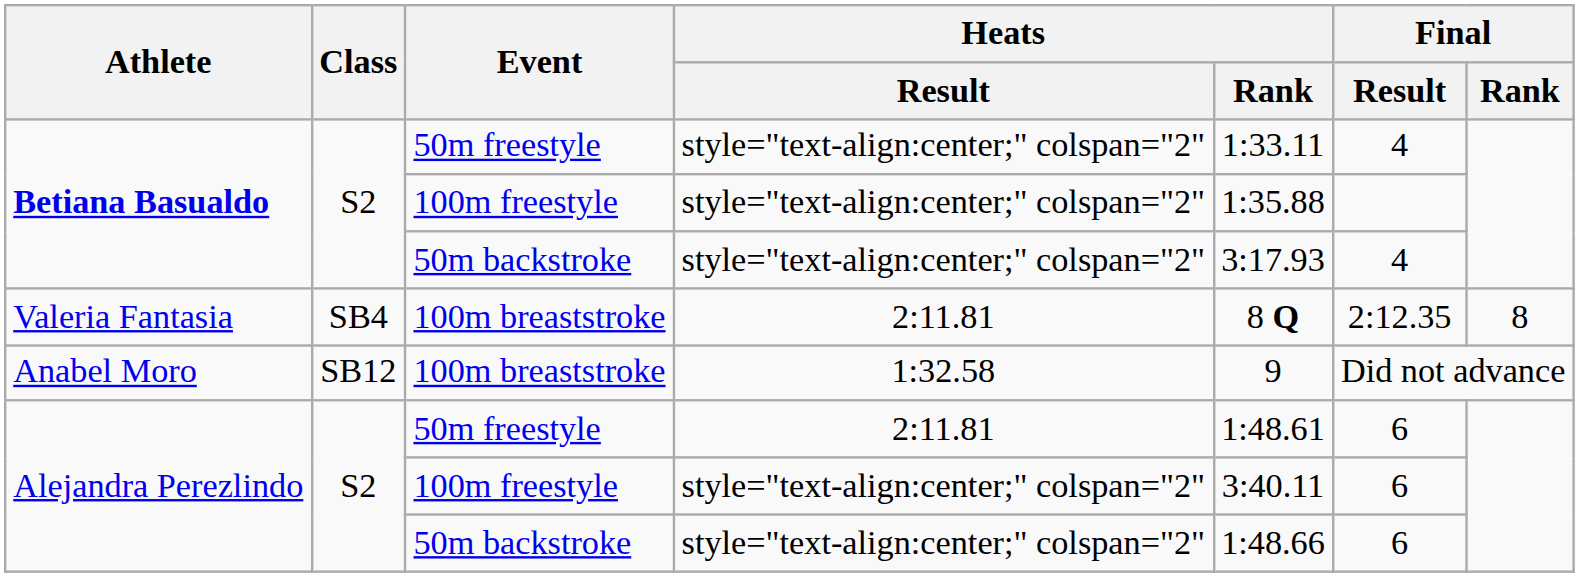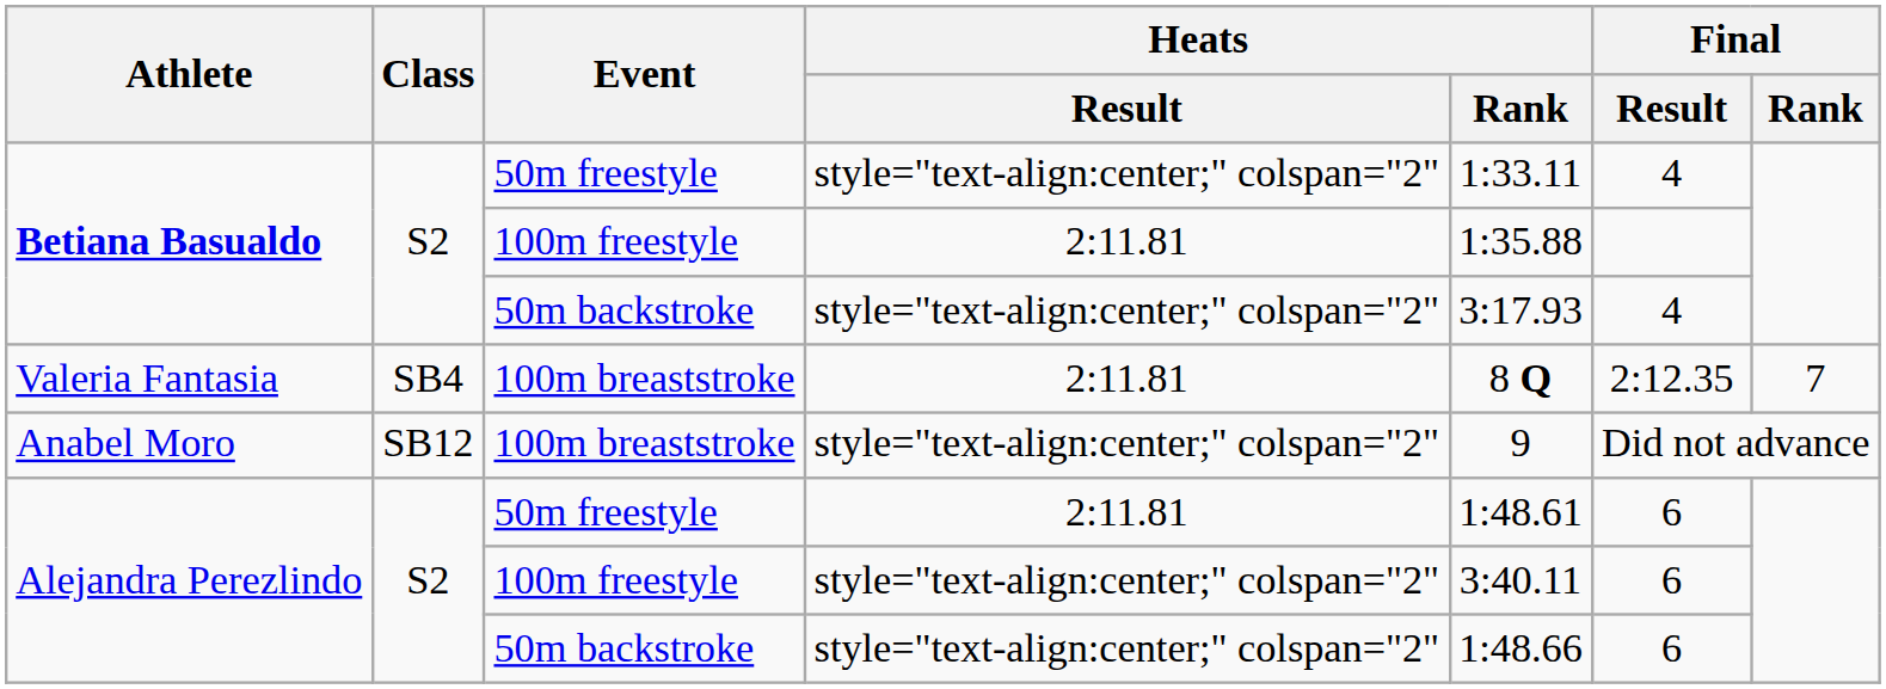 <table class=wikitable style="font-size:90%">
 <tr>
 <th rowspan="2">Athlete</th>
 <th rowspan="2">Class</th>
 <th rowspan="2">Event</th>
 <th colspan="2">Heats</th>
 <th colspan="2">Final</th>
 </tr>
 <tr>
 <th>Result</th>
 <th>Rank</th>
 <th>Result</th>
 <th>Rank</th>
 </tr>
 <tr>
 <td rowspan="3"><strong><a href='#'>Betiana Basualdo</a></strong></td>
 <td rowspan="3" style="text-align:center;">S2</td>
 <td><a href='#'>50m freestyle</a></td>
 <td>style="text-align:center;" colspan="2" </td>
 <td style="text-align:center;">1:33.11</td>
 <td style="text-align:center;">4</td>
 </tr>
 <tr>
 <td><a href='#'>100m freestyle</a></td>
-<td>style="text-align:center;" colspan="2" </td>
+<td style="text-align:center;">2:11.81</td>
 <td style="text-align:center;">1:35.88</td>
 <td style="text-align:center;"></td>
 </tr>
 <tr>
 <td><a href='#'>50m backstroke</a></td>
 <td>style="text-align:center;" colspan="2" </td>
 <td style="text-align:center;">3:17.93</td>
 <td style="text-align:center;">4</td>
 </tr>
 <tr>
 <td><a href='#'>Valeria Fantasia</a></td>
 <td style="text-align:center;">SB4</td>
 <td><a href='#'>100m breaststroke</a></td>
 <td style="text-align:center;">2:11.81</td>
 <td style="text-align:center;">8 <strong>Q</strong></td>
 <td style="text-align:center;">2:12.35</td>
-<td style="text-align:center;">8</td>
+<td style="text-align:center;">7</td>
 </tr>
 <tr>
 <td><a href='#'>Anabel Moro</a></td>
 <td style="text-align:center;">SB12</td>
 <td><a href='#'>100m breaststroke</a></td>
-<td style="text-align:center;">1:32.58</td>
+<td>style="text-align:center;" colspan="2" </td>
 <td style="text-align:center;">9</td>
 <td style="text-align:center;" colspan="2">Did not advance</td>
 </tr>
 <tr>
 <td rowspan="3"><a href='#'>Alejandra Perezlindo</a></td>
 <td rowspan="3" style="text-align:center;">S2</td>
 <td><a href='#'>50m freestyle</a></td>
 <td style="text-align:center;">2:11.81</td>
 <td style="text-align:center;">1:48.61</td>
 <td style="text-align:center;">6</td>
 </tr>
 <tr>
 <td><a href='#'>100m freestyle</a></td>
 <td>style="text-align:center;" colspan="2" </td>
 <td style="text-align:center;">3:40.11</td>
 <td style="text-align:center;">6</td>
 </tr>
 <tr>
 <td><a href='#'>50m backstroke</a></td>
 <td>style="text-align:center;" colspan="2" </td>
 <td style="text-align:center;">1:48.66</td>
 <td style="text-align:center;">6</td>
 </tr>
 </table>
